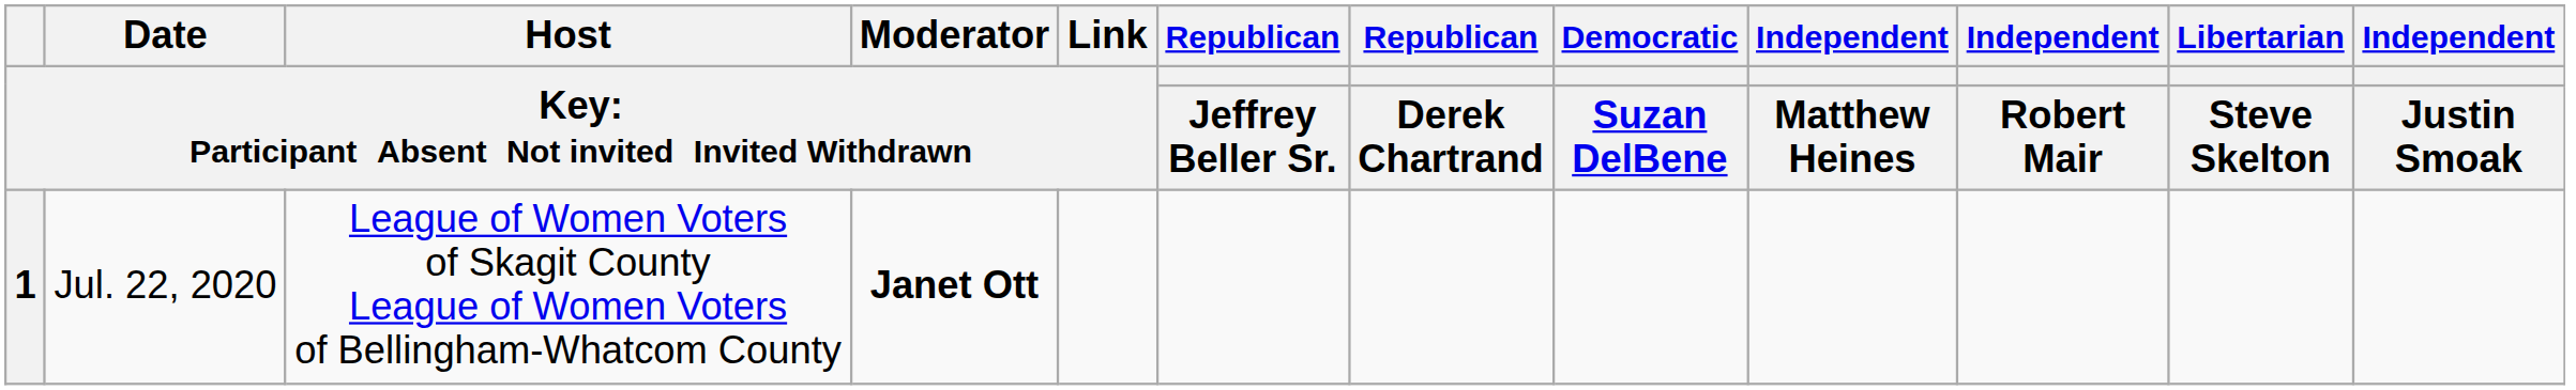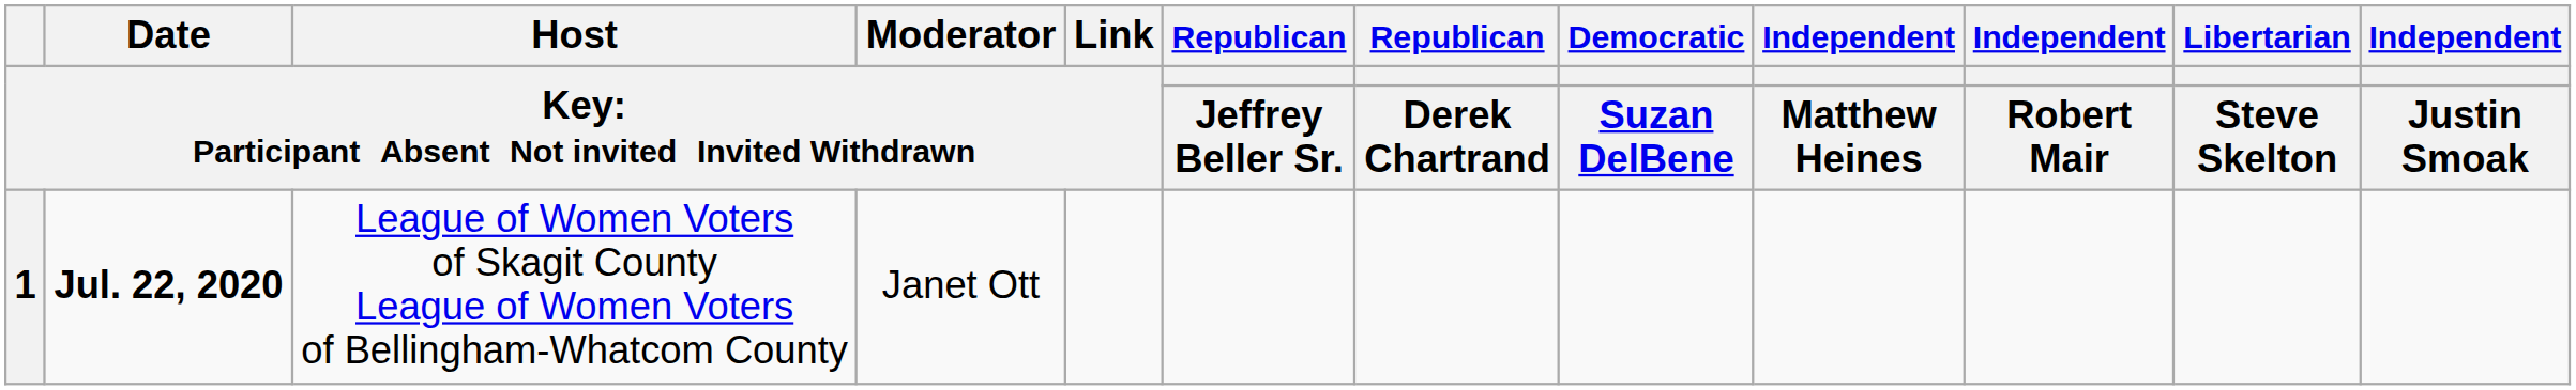 <table class="wikitable" style="text-align:center;">
 <tr>
 <th scope="col"></th>
 <th scope="col">Date</th>
 <th scope="col">Host</th>
 <th scope="col">Moderator</th>
 <th scope="col">Link</th>
 <th scope="col"><small><a href='#'>Republican</a></small></th>
 <th scope="col"><small><a href='#'>Republican</a></small></th>
 <th scope="col"><small><a href='#'>Democratic</a></small></th>
 <th scope="col"><small><a href='#'>Independent</a></small></th>
 <th scope="col"><small><a href='#'>Independent</a></small></th>
 <th scope="col"><small><a href='#'>Libertarian</a></small></th>
 <th scope="col"><small><a href='#'>Independent</a></small></th>
 </tr>
 <tr>
 <th colspan="5" rowspan="2">Key:<br> <small>Participant </small>  <small>Absent </small>  <small>Not invited </small>  <small>Invited  Withdrawn</small></th>
 <th scope="col" style="background:"></th>
 <th scope="col" style="background:"></th>
 <th scope="col" style="background:"></th>
 <th scope="col" style="background:"></th>
 <th scope="col" style="background:"></th>
 <th scope="col" style="background:"></th>
 <th scope="col" style="background:"></th>
 </tr>
 <tr>
 <th scope="col">Jeffrey Beller Sr.</th>
 <th scope="col">Derek Chartrand</th>
 <th scope="col"><a href='#'>Suzan DelBene</a></th>
 <th scope="col">Matthew Heines</th>
 <th scope="col">Robert Mair</th>
 <th scope="col">Steve Skelton</th>
 <th scope="col">Justin Smoak</th>
 </tr>
 <tr>
 <th>1</th>
-<td style="white-space:nowrap;">Jul. 22, 2020</td>
+<td style="white-space:nowrap;"><strong>Jul. 22, 2020</strong></td>
 <td style="white-space:nowrap;"><a href='#'>League of Women Voters</a><br>of Skagit County<br><a href='#'>League of Women Voters</a><br>of Bellingham-Whatcom County</td>
-<td style="white-space:nowrap;"><strong>Janet Ott</strong></td>
+<td style="white-space:nowrap;">Janet Ott</td>
 <td style="white-space:nowrap;"></td>
 <td></td>
 <td></td>
 <td></td>
 <td></td>
 <td></td>
 <td></td>
 <td></td>
 </tr>
 </table>
